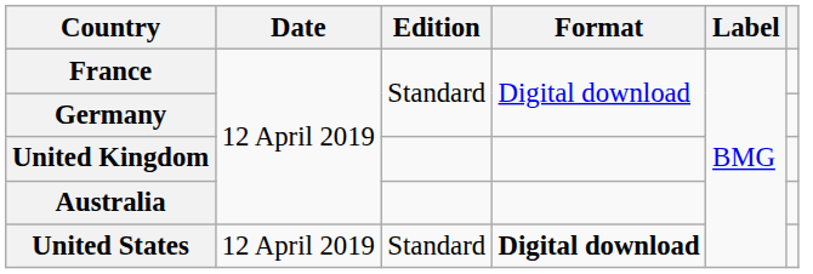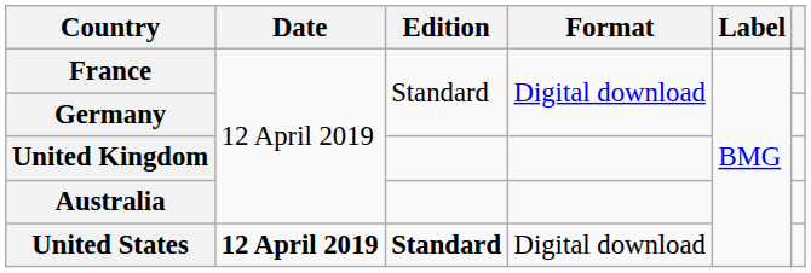 <table class="wikitable plainrowheaders">
 <tr>
 <th scope="col">Country</th>
 <th scope="col">Date</th>
 <th scope="col">Edition</th>
 <th scope="col">Format</th>
 <th scope="col">Label</th>
 <th></th>
 </tr>
 <tr>
 <th scope="row">France</th>
 <td rowspan="4">12 April 2019</td>
 <td rowspan="2">Standard</td>
 <td rowspan="2"><a href='#'>Digital download</a></td>
 <td rowspan="5"><a href='#'>BMG</a></td>
 <td></td>
 </tr>
 <tr>
 <th scope="row">Germany</th>
 <td></td>
 </tr>
 <tr>
 <th scope="row">United Kingdom</th>
 <td></td>
 <td></td>
 <td></td>
 </tr>
 <tr>
 <th scope="row">Australia</th>
 <td></td>
 <td></td>
 </tr>
 <tr>
 <th scope="row">United States</th>
-<td>12 April 2019</td>
-<td>Standard</td>
-<td><strong>Digital download</strong></td>
+<td><strong>12 April 2019</strong></td>
+<td><strong>Standard</strong></td>
+<td>Digital download</td>
 <td></td>
 </tr>
 </table>
